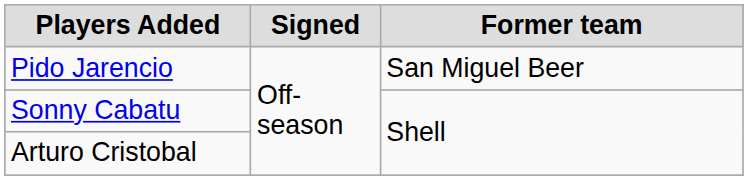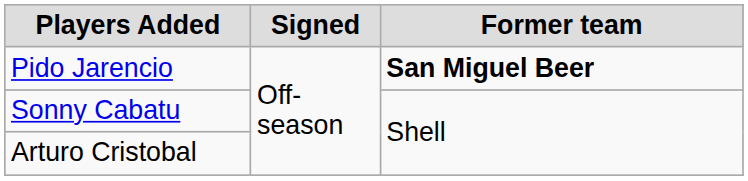 <table class="wikitable sortable sortable">
 <tr align="center" bgcolor="#dddddd">
 <td style="width:140px"><strong>Players Added</strong></td>
 <td style="width:70px"><strong>Signed</strong></td>
 <td style="width:210px"><strong>Former team</strong></td>
 </tr>
 <tr>
 <td><a href='#'>Pido Jarencio</a></td>
 <td rowspan="3">Off-season</td>
-<td>San Miguel Beer</td>
+<td><strong>San Miguel Beer</strong></td>
 </tr>
 <tr>
 <td><a href='#'>Sonny Cabatu</a></td>
 <td rowspan="2">Shell</td>
 </tr>
 <tr>
 <td>Arturo Cristobal</td>
 </tr>
 </table>
